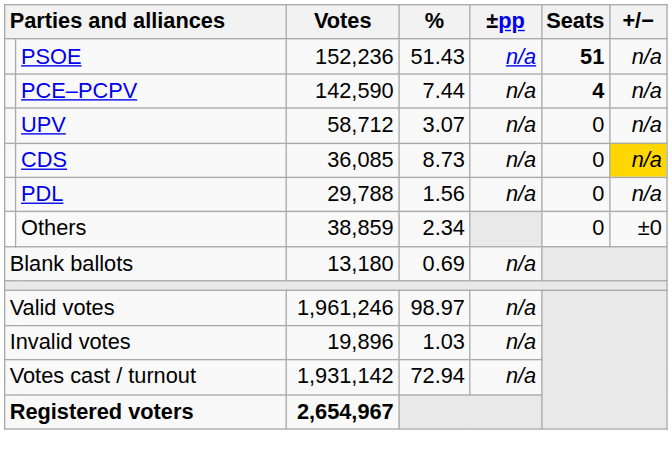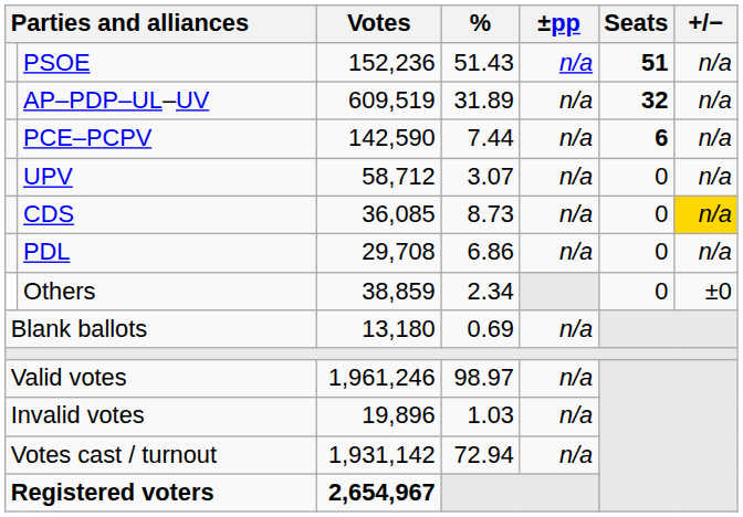 <table class="wikitable" style="text-align:right;">
 <tr>
 <th style="text-align:left;" colspan="2" width="200">Parties and alliances</th>
 <th width="75">Votes</th>
 <th width="45">%</th>
 <th width="45">±<a href='#'>pp</a></th>
 <th width="35">Seats</th>
 <th width="35">+/−</th>
 </tr>
 <tr>
 <td width="1" style="color:inherit;background:"></td>
 <td align="left"><a href='#'>PSOE</a></td>
 <td>152,236</td>
 <td>51.43</td>
 <td><em><a href='#'>n/a</a></em></td>
 <td><strong>51</strong></td>
 <td><em>n/a</em></td>
 </tr>
 <tr>
 <td style="color:inherit;background:"></td>
+<td align="left"><a href='#'>AP–PDP–UL</a>–<a href='#'>UV</a></td>
+<td>609,519</td>
+<td>31.89</td>
+<td><em>n/a</em></td>
+<td><strong>32</strong></td>
+<td><em>n/a</em></td>
+</tr>
+<tr>
+<td style="color:inherit;background:"></td>
 <td align="left"><a href='#'>PCE–PCPV</a></td>
 <td>142,590</td>
 <td>7.44</td>
 <td><em>n/a</em></td>
-<td><strong>4</strong></td>
+<td><strong>6</strong></td>
 <td><em>n/a</em></td>
 </tr>
 <tr>
 <td style="color:inherit;background:"></td>
 <td align="left"><a href='#'>UPV</a></td>
 <td>58,712</td>
 <td>3.07</td>
 <td><em>n/a</em></td>
 <td>0</td>
 <td><em>n/a</em></td>
 </tr>
 <tr>
 <td style="color:inherit;background:"></td>
 <td align="left"><a href='#'>CDS</a></td>
 <td>36,085</td>
 <td>8.73</td>
 <td><em>n/a</em></td>
 <td>0</td>
 <td style="background: gold;"><em>n/a</em></td>
 </tr>
 <tr>
 <td style="color:inherit;background:"></td>
 <td align="left"><a href='#'>PDL</a></td>
-<td>29,788</td>
-<td>1.56</td>
+<td>29,708</td>
+<td>6.86</td>
 <td><em>n/a</em></td>
 <td>0</td>
 <td><em>n/a</em></td>
 </tr>
 <tr>
 <td bgcolor="white"></td>
 <td align="left">Others</td>
 <td>38,859</td>
 <td>2.34</td>
 <td bgcolor="#E9E9E9"></td>
 <td>0</td>
 <td>±0</td>
 </tr>
 <tr>
 <td align="left" colspan="2">Blank ballots</td>
 <td>13,180</td>
 <td>0.69</td>
 <td><em>n/a</em></td>
 <td bgcolor="#E9E9E9" colspan="2"></td>
 </tr>
 <tr>
 <td colspan="7" bgcolor="#E9E9E9"></td>
 </tr>
 <tr>
 <td align="left" colspan="2">Valid votes</td>
 <td>1,961,246</td>
 <td>98.97</td>
 <td><em>n/a</em></td>
 <td bgcolor="#E9E9E9" colspan="2" rowspan="4"></td>
 </tr>
 <tr>
 <td align="left" colspan="2">Invalid votes</td>
 <td>19,896</td>
 <td>1.03</td>
 <td><em>n/a</em></td>
 </tr>
 <tr>
 <td align="left" colspan="2">Votes cast / turnout</td>
 <td>1,931,142</td>
 <td>72.94</td>
 <td><em>n/a</em></td>
 </tr>
 <tr style="font-weight:bold;">
 <td align="left" colspan="2">Registered voters</td>
 <td>2,654,967</td>
 <td bgcolor="#E9E9E9" colspan="2"></td>
 </tr>
 </table>
